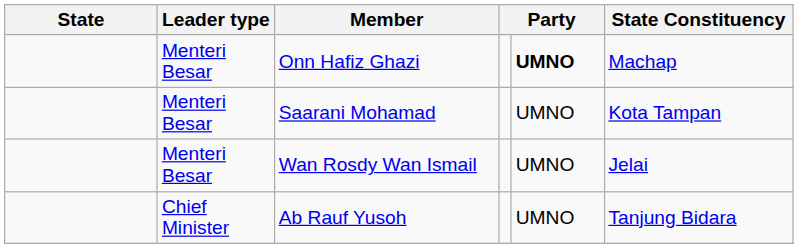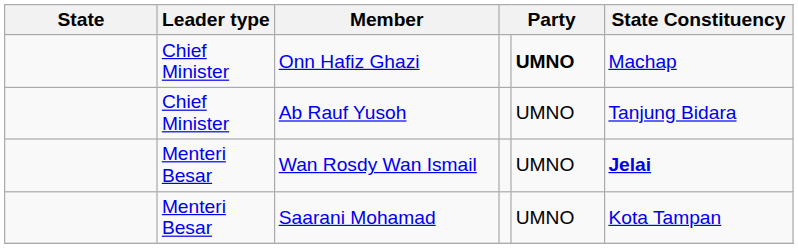 <table class ="wikitable sortable">
 <tr>
 <th style="width:120px;">State</th>
 <th style="width:90px;">Leader type</th>
 <th style="width:180px;">Member</th>
 <th style="width:80px;" colspan=2>Party</th>
 <th style="width:150px;">State Constituency</th>
 </tr>
 <tr>
 <td></td>
-<td><a href='#'>Menteri Besar</a></td>
+<td><a href='#'>Chief Minister</a></td>
 <td><a href='#'>Onn Hafiz Ghazi</a></td>
 <td></td>
 <td><strong>UMNO</strong></td>
 <td><a href='#'>Machap</a></td>
+</tr>
+<tr>
+<td></td>
+<td><a href='#'>Chief Minister</a></td>
+<td><a href='#'>Ab Rauf Yusoh</a></td>
+<td></td>
+<td>UMNO</td>
+<td><a href='#'>Tanjung Bidara</a></td>
+</tr>
+<tr>
+<td></td>
+<td><a href='#'>Menteri Besar</a></td>
+<td><a href='#'>Wan Rosdy Wan Ismail</a></td>
+<td></td>
+<td>UMNO</td>
+<td><strong><a href='#'>Jelai</a></strong></td>
 </tr>
 <tr>
 <td></td>
 <td><a href='#'>Menteri Besar</a></td>
 <td><a href='#'>Saarani Mohamad</a></td>
 <td></td>
 <td>UMNO</td>
 <td><a href='#'>Kota Tampan</a></td>
 </tr>
 <tr>
-<td></td>
-<td><a href='#'>Menteri Besar</a></td>
-<td><a href='#'>Wan Rosdy Wan Ismail</a></td>
-<td></td>
-<td>UMNO</td>
-<td><a href='#'>Jelai</a></td>
-</tr>
-<tr>
-<td></td>
-<td><a href='#'>Chief Minister</a></td>
-<td><a href='#'>Ab Rauf Yusoh</a></td>
-<td></td>
-<td>UMNO</td>
-<td><a href='#'>Tanjung Bidara</a></td>
-</tr>
-<tr>
 </tr>
 </table>
